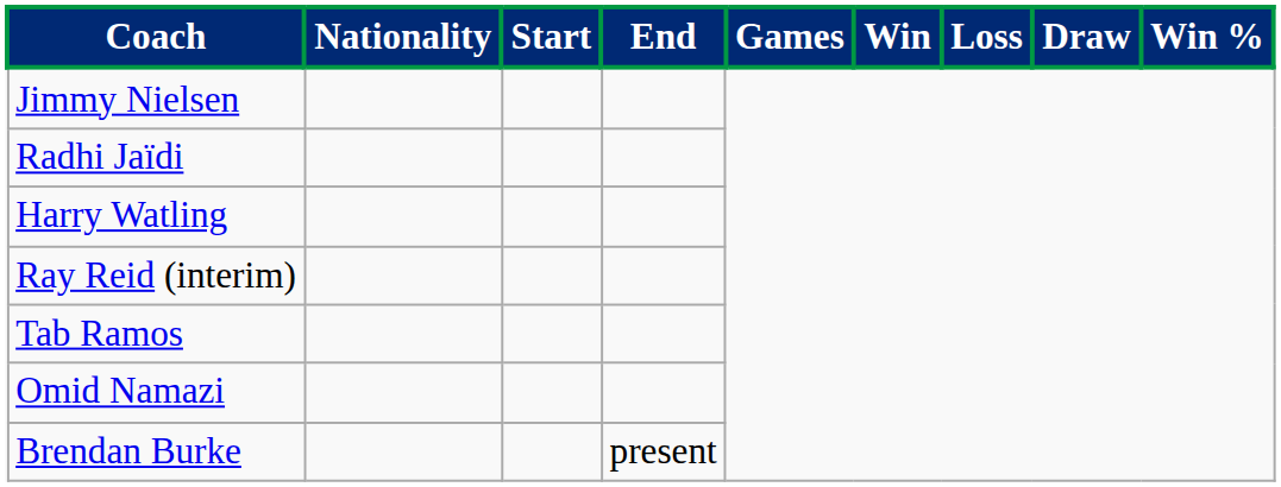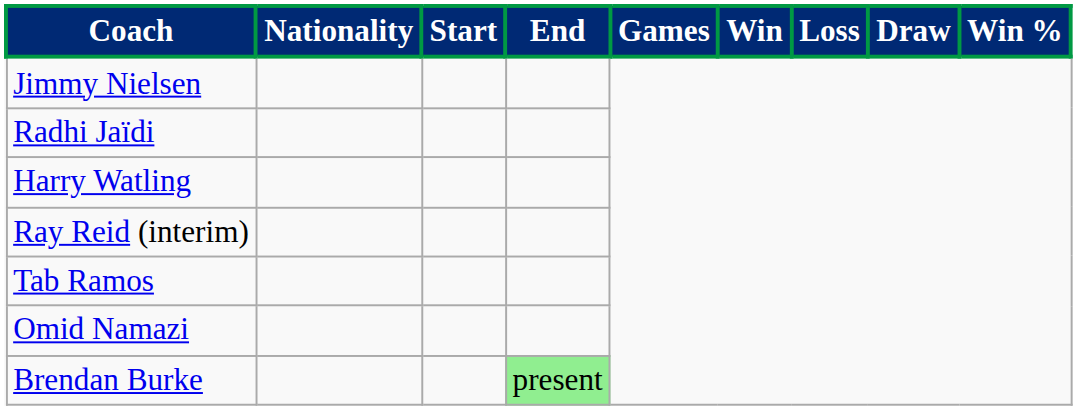 <table class="wikitable sortable">
 <tr>
 <th style="background:#002974; color:white; border:2px solid #009943;" scope="col">Coach</th>
 <th style="background:#002974; color:white; border:2px solid #009943;" scope="col">Nationality</th>
 <th style="background:#002974; color:white; border:2px solid #009943;" scope="col">Start</th>
 <th style="background:#002974; color:white; border:2px solid #009943;" scope="col">End</th>
 <th style="background:#002974; color:white; border:2px solid #009943;" scope="col">Games</th>
 <th style="background:#002974; color:white; border:2px solid #009943;" scope="col"><strong>Win</strong></th>
 <th style="background:#002974; color:white; border:2px solid #009943;" scope="col">Loss</th>
 <th style="background:#002974; color:white; border:2px solid #009943;" scope="col">Draw</th>
 <th style="background:#002974; color:white; border:2px solid #009943;" scope="col">Win %</th>
 </tr>
 <tr>
 <td><a href='#'>Jimmy Nielsen</a></td>
 <td></td>
 <td></td>
 <td><br></td>
 </tr>
 <tr>
 <td><a href='#'>Radhi Jaïdi</a></td>
 <td></td>
 <td></td>
 <td><br></td>
 </tr>
 <tr>
 <td><a href='#'>Harry Watling</a></td>
 <td></td>
 <td></td>
 <td><br></td>
 </tr>
 <tr>
 <td><a href='#'>Ray Reid</a> (interim)</td>
 <td></td>
 <td></td>
 <td><br></td>
 </tr>
 <tr>
 <td><a href='#'>Tab Ramos</a></td>
 <td></td>
 <td></td>
 <td><br></td>
 </tr>
 <tr>
 <td><a href='#'>Omid Namazi</a></td>
 <td></td>
 <td></td>
 <td><br></td>
 </tr>
 <tr>
 <td><a href='#'>Brendan Burke</a></td>
 <td></td>
 <td></td>
-<td>present<br></td>
+<td style="background: lightgreen;">present<br></td>
 </tr>
 </table>
